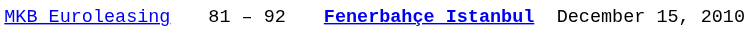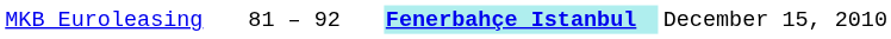 <table style="text-align:center">
 <tr>
 <th width=160></th>
 <th width=100></th>
 <th width=160></th>
 <th width=200></th>
 </tr>
 <tr>
 <td align=right><a href='#'>MKB Euroleasing</a> </td>
 <td>81 – 92</td>
-<td align=left> <strong><a href='#'>Fenerbahçe Istanbul</a></strong></td>
+<td align=left style="background: paleturquoise;"> <strong><a href='#'>Fenerbahçe Istanbul</a></strong></td>
 <td align=left>December 15, 2010 </td>
 </tr>
 </table>
